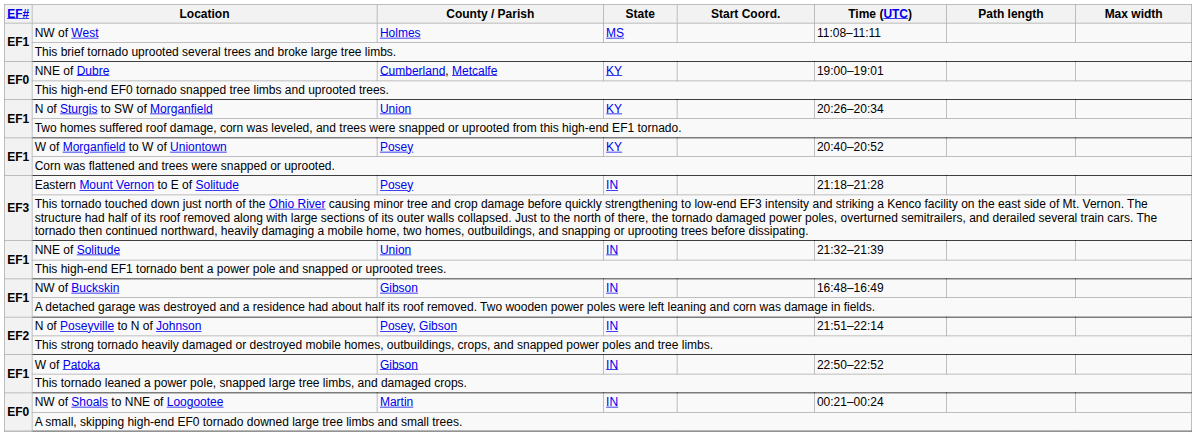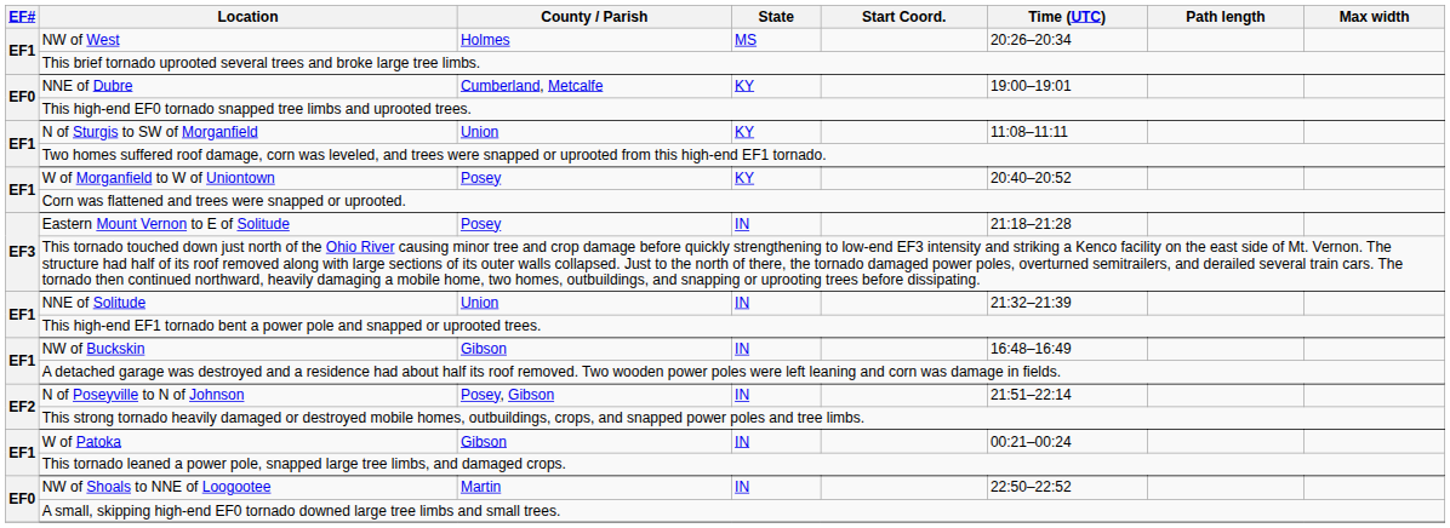 <table class="wikitable sortable" style="width:100%;">
 <tr>
 <th scope="col" width="2%" align="center"><a href='#'>EF#</a></th>
 <th scope="col" align="center" class="unsortable">Location</th>
 <th scope="col" align="center" class="unsortable">County / Parish</th>
 <th scope="col" align="center">State</th>
 <th scope="col" align="center">Start Coord.</th>
 <th scope="col" align="center">Time (<a href='#'>UTC</a>)</th>
 <th scope="col" align="center">Path length</th>
 <th scope="col" align="center">Max width</th>
 </tr>
 <tr>
 <th scope="row" rowspan="2" style="background-color:#">EF1</th>
 <td>NW of <a href='#'>West</a></td>
 <td><a href='#'>Holmes</a></td>
 <td><a href='#'>MS</a></td>
 <td></td>
-<td>11:08–11:11</td>
+<td>20:26–20:34</td>
 <td></td>
 <td></td>
 </tr>
 <tr class="expand-child">
 <td colspan="8" style=" border-bottom: 1px solid black;">This brief tornado uprooted several trees and broke large tree limbs.</td>
 </tr>
 <tr>
 <th scope="row" rowspan="2" style="background-color:#">EF0</th>
 <td>NNE of <a href='#'>Dubre</a></td>
 <td><a href='#'>Cumberland</a>, <a href='#'>Metcalfe</a></td>
 <td><a href='#'>KY</a></td>
 <td></td>
 <td>19:00–19:01</td>
 <td></td>
 <td></td>
 </tr>
 <tr class="expand-child">
 <td colspan="8" style=" border-bottom: 1px solid black;">This high-end EF0 tornado snapped tree limbs and uprooted trees.</td>
 </tr>
 <tr>
 <th scope="row" rowspan="2" style="background-color:#">EF1</th>
 <td>N of <a href='#'>Sturgis</a> to SW of <a href='#'>Morganfield</a></td>
 <td><a href='#'>Union</a></td>
 <td><a href='#'>KY</a></td>
 <td></td>
-<td>20:26–20:34</td>
+<td>11:08–11:11</td>
 <td></td>
 <td></td>
 </tr>
 <tr class="expand-child">
 <td colspan="8" style=" border-bottom: 1px solid black;">Two homes suffered roof damage, corn was leveled, and trees were snapped or uprooted from this high-end EF1 tornado.</td>
 </tr>
 <tr>
 <th scope="row" rowspan="2" style="background-color:#">EF1</th>
 <td>W of <a href='#'>Morganfield</a> to W of <a href='#'>Uniontown</a></td>
 <td><a href='#'>Posey</a></td>
 <td><a href='#'>KY</a></td>
 <td></td>
 <td>20:40–20:52</td>
 <td></td>
 <td></td>
 </tr>
 <tr class="expand-child">
 <td colspan="8" style=" border-bottom: 1px solid black;">Corn was flattened and trees were snapped or uprooted.</td>
 </tr>
 <tr>
 <th scope="row" rowspan="2" style="background-color:#">EF3</th>
 <td>Eastern <a href='#'>Mount Vernon</a> to E of <a href='#'>Solitude</a></td>
 <td><a href='#'>Posey</a></td>
 <td><a href='#'>IN</a></td>
 <td></td>
 <td>21:18–21:28</td>
 <td></td>
 <td></td>
 </tr>
 <tr class="expand-child">
 <td colspan="8" style=" border-bottom: 1px solid black;">This tornado touched down just north of the <a href='#'>Ohio River</a> causing minor tree and crop damage before quickly strengthening to low-end EF3 intensity and striking a Kenco facility on the east side of Mt. Vernon. The structure had half of its roof removed along with large sections of its outer walls collapsed. Just to the north of there, the tornado damaged power poles, overturned semitrailers, and derailed several train cars. The tornado then continued northward, heavily damaging a mobile home, two homes, outbuildings, and snapping or uprooting trees before dissipating.</td>
 </tr>
 <tr>
 <th scope="row" rowspan="2" style="background-color:#">EF1</th>
 <td>NNE of <a href='#'>Solitude</a></td>
 <td><a href='#'>Union</a></td>
 <td><a href='#'>IN</a></td>
 <td></td>
 <td>21:32–21:39</td>
 <td></td>
 <td></td>
 </tr>
 <tr class="expand-child">
 <td colspan="8" style=" border-bottom: 1px solid black;">This high-end EF1 tornado bent a power pole and snapped or uprooted trees.</td>
 </tr>
 <tr>
 <th scope="row" rowspan="2" style="background-color:#">EF1</th>
 <td>NW of <a href='#'>Buckskin</a></td>
 <td><a href='#'>Gibson</a></td>
 <td><a href='#'>IN</a></td>
 <td></td>
 <td>16:48–16:49</td>
 <td></td>
 <td></td>
 </tr>
 <tr class="expand-child">
 <td colspan="8" style=" border-bottom: 1px solid black;">A detached garage was destroyed and a residence had about half its roof removed. Two wooden power poles were left leaning and corn was damage in fields.</td>
 </tr>
 <tr>
 <th scope="row" rowspan="2" style="background-color:#">EF2</th>
 <td>N of <a href='#'>Poseyville</a> to N of <a href='#'>Johnson</a></td>
 <td><a href='#'>Posey</a>, <a href='#'>Gibson</a></td>
 <td><a href='#'>IN</a></td>
 <td></td>
 <td>21:51–22:14</td>
 <td></td>
 <td></td>
 </tr>
 <tr class="expand-child">
 <td colspan="8" style=" border-bottom: 1px solid black;">This strong tornado heavily damaged or destroyed mobile homes, outbuildings, crops, and snapped power poles and tree limbs.</td>
 </tr>
 <tr>
 <th scope="row" rowspan="2" style="background-color:#">EF1</th>
 <td>W of <a href='#'>Patoka</a></td>
 <td><a href='#'>Gibson</a></td>
 <td><a href='#'>IN</a></td>
 <td></td>
-<td>22:50–22:52</td>
+<td>00:21–00:24</td>
 <td></td>
 <td></td>
 </tr>
 <tr class="expand-child">
 <td colspan="8" style=" border-bottom: 1px solid black;">This tornado leaned a power pole, snapped large tree limbs, and damaged crops.</td>
 </tr>
 <tr>
 <th scope="row" rowspan="2" style="background-color:#">EF0</th>
 <td>NW of <a href='#'>Shoals</a> to NNE of <a href='#'>Loogootee</a></td>
 <td><a href='#'>Martin</a></td>
 <td><a href='#'>IN</a></td>
 <td></td>
-<td>00:21–00:24</td>
+<td>22:50–22:52</td>
 <td></td>
 <td></td>
 </tr>
 <tr class="expand-child">
 <td colspan="8" style=" border-bottom: 1px solid black;">A small, skipping high-end EF0 tornado downed large tree limbs and small trees.</td>
 </tr>
 <tr>
 </tr>
 </table>
